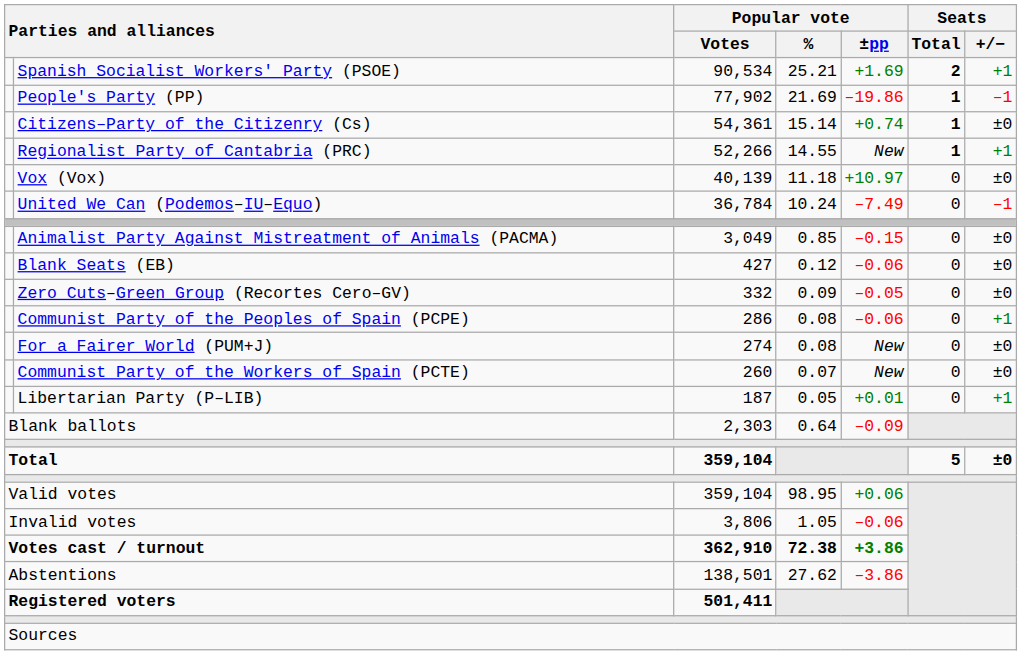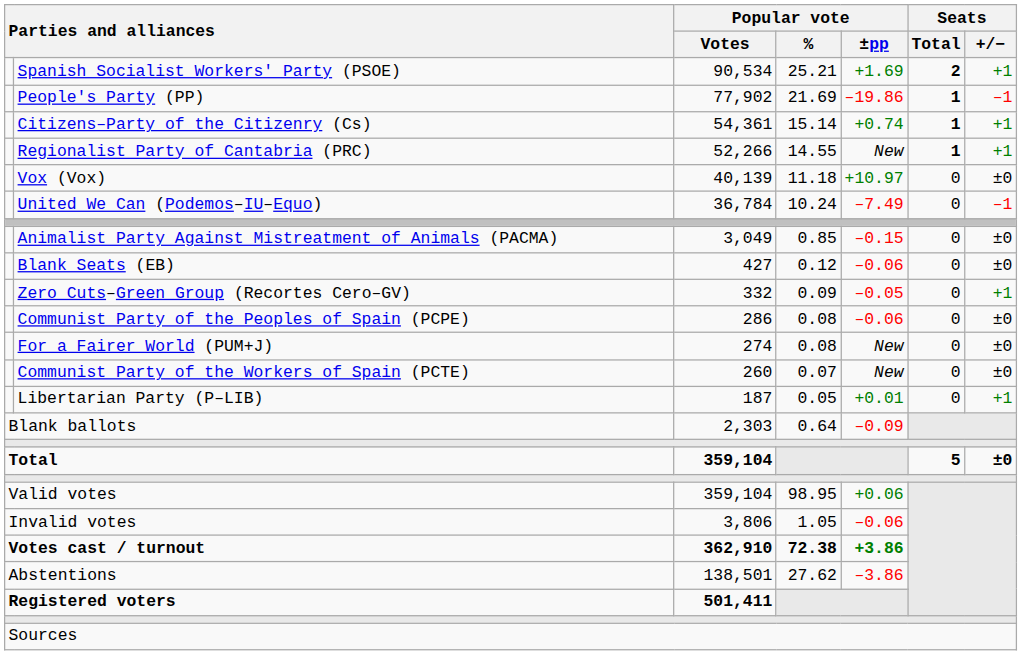 <table class="wikitable" style="text-align:right;">
 <tr>
 <th style="text-align:left;" rowspan="2" colspan="2" width="525">Parties and alliances</th>
 <th colspan="3">Popular vote</th>
 <th colspan="2">Seats</th>
 </tr>
 <tr>
 <th width="75">Votes</th>
 <th width="45">%</th>
 <th width="45">±<a href='#'>pp</a></th>
 <th width="35">Total</th>
 <th width="35">+/−</th>
 </tr>
 <tr>
 <td width="1" style="color:inherit;background:"></td>
 <td align="left"><a href='#'>Spanish Socialist Workers' Party</a> (PSOE)</td>
 <td>90,534</td>
 <td>25.21</td>
 <td style="color:green;">+1.69</td>
 <td><strong>2</strong></td>
 <td style="color:green;">+1</td>
 </tr>
 <tr>
 <td style="color:inherit;background:"></td>
 <td align="left"><a href='#'>People's Party</a> (PP)</td>
 <td>77,902</td>
 <td>21.69</td>
 <td style="color:red;">–19.86</td>
 <td><strong>1</strong></td>
 <td style="color:red;">–1</td>
 </tr>
 <tr>
 <td style="color:inherit;background:"></td>
 <td align="left"><a href='#'>Citizens–Party of the Citizenry</a> (Cs)</td>
 <td>54,361</td>
 <td>15.14</td>
 <td style="color:green;">+0.74</td>
 <td><strong>1</strong></td>
-<td>±0</td>
+<td style="color:green;">+1</td>
 </tr>
 <tr>
 <td style="color:inherit;background:"></td>
 <td align="left"><a href='#'>Regionalist Party of Cantabria</a> (PRC)</td>
 <td>52,266</td>
 <td>14.55</td>
 <td><em>New</em></td>
 <td><strong>1</strong></td>
 <td style="color:green;">+1</td>
 </tr>
 <tr>
 <td style="color:inherit;background:"></td>
 <td align="left"><a href='#'>Vox</a> (Vox)</td>
 <td>40,139</td>
 <td>11.18</td>
 <td style="color:green;">+10.97</td>
 <td>0</td>
 <td>±0</td>
 </tr>
 <tr>
 <td style="color:inherit;background:"></td>
 <td align="left"><a href='#'>United We Can</a> (<a href='#'>Podemos</a>–<a href='#'>IU</a>–<a href='#'>Equo</a>)</td>
 <td>36,784</td>
 <td>10.24</td>
 <td style="color:red;">–7.49</td>
 <td>0</td>
 <td style="color:red;">–1</td>
 </tr>
 <tr>
 <td colspan="7" bgcolor="#C0C0C0"></td>
 </tr>
 <tr>
 <td style="color:inherit;background:"></td>
 <td align="left"><a href='#'>Animalist Party Against Mistreatment of Animals</a> (PACMA)</td>
 <td>3,049</td>
 <td>0.85</td>
 <td style="color:red;">–0.15</td>
 <td>0</td>
 <td>±0</td>
 </tr>
 <tr>
 <td style="color:inherit;background:"></td>
 <td align="left"><a href='#'>Blank Seats</a> (EB)</td>
 <td>427</td>
 <td>0.12</td>
 <td style="color:red;">–0.06</td>
 <td>0</td>
 <td>±0</td>
 </tr>
 <tr>
 <td style="color:inherit;background:"></td>
 <td align="left"><a href='#'>Zero Cuts</a>–<a href='#'>Green Group</a> (Recortes Cero–GV)</td>
 <td>332</td>
 <td>0.09</td>
 <td style="color:red;">–0.05</td>
 <td>0</td>
-<td>±0</td>
+<td style="color:green;">+1</td>
 </tr>
 <tr>
 <td style="color:inherit;background:"></td>
 <td align="left"><a href='#'>Communist Party of the Peoples of Spain</a> (PCPE)</td>
 <td>286</td>
 <td>0.08</td>
 <td style="color:red;">–0.06</td>
 <td>0</td>
-<td style="color:green;">+1</td>
+<td>±0</td>
 </tr>
 <tr>
 <td style="color:inherit;background:"></td>
 <td align="left"><a href='#'>For a Fairer World</a> (PUM+J)</td>
 <td>274</td>
 <td>0.08</td>
 <td><em>New</em></td>
 <td>0</td>
 <td>±0</td>
 </tr>
 <tr>
 <td style="color:inherit;background:"></td>
 <td align="left"><a href='#'>Communist Party of the Workers of Spain</a> (PCTE)</td>
 <td>260</td>
 <td>0.07</td>
 <td><em>New</em></td>
 <td>0</td>
 <td>±0</td>
 </tr>
 <tr>
 <td style="color:inherit;background:"></td>
 <td align="left">Libertarian Party (P–LIB)</td>
 <td>187</td>
 <td>0.05</td>
 <td style="color:green;">+0.01</td>
 <td>0</td>
 <td style="color:green;">+1</td>
 </tr>
 <tr>
 <td align="left" colspan="2">Blank ballots</td>
 <td>2,303</td>
 <td>0.64</td>
 <td style="color:red;">–0.09</td>
 <td bgcolor="#E9E9E9" colspan="2"></td>
 </tr>
 <tr>
 <td colspan="7" bgcolor="#E9E9E9"></td>
 </tr>
 <tr style="font-weight:bold;">
 <td align="left" colspan="2">Total</td>
 <td>359,104</td>
 <td bgcolor="#E9E9E9" colspan="2"></td>
 <td>5</td>
 <td>±0</td>
 </tr>
 <tr>
 <td colspan="7" bgcolor="#E9E9E9"></td>
 </tr>
 <tr>
 <td align="left" colspan="2">Valid votes</td>
 <td>359,104</td>
 <td>98.95</td>
 <td style="color:green;">+0.06</td>
 <td bgcolor="#E9E9E9" colspan="2" rowspan="5"></td>
 </tr>
 <tr>
 <td align="left" colspan="2">Invalid votes</td>
 <td>3,806</td>
 <td>1.05</td>
 <td style="color:red;">–0.06</td>
 </tr>
 <tr style="font-weight:bold;">
 <td align="left" colspan="2">Votes cast / turnout</td>
 <td>362,910</td>
 <td>72.38</td>
 <td style="color:green;">+3.86</td>
 </tr>
 <tr>
 <td align="left" colspan="2">Abstentions</td>
 <td>138,501</td>
 <td>27.62</td>
 <td style="color:red;">–3.86</td>
 </tr>
 <tr style="font-weight:bold;">
 <td align="left" colspan="2">Registered voters</td>
 <td>501,411</td>
 <td bgcolor="#E9E9E9" colspan="2"></td>
 </tr>
 <tr>
 <td colspan="7" bgcolor="#E9E9E9"></td>
 </tr>
 <tr>
 <td align="left" colspan="7">Sources</td>
 </tr>
 </table>
